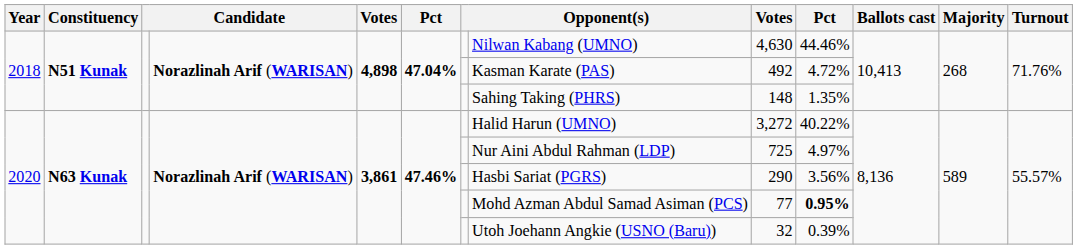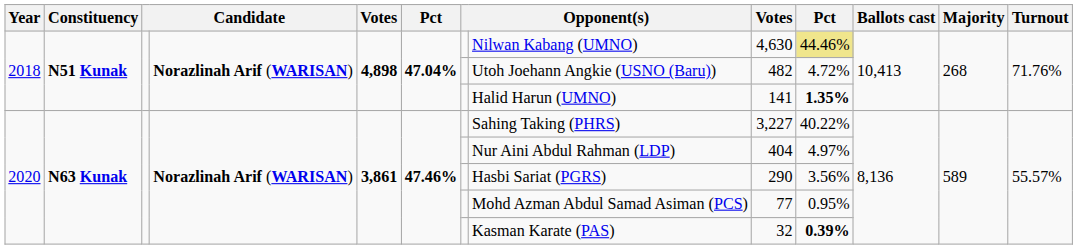 <table class="wikitable" style="margin:0.5em ; font-size:95%">
 <tr>
 <th>Year</th>
 <th>Constituency</th>
 <th colspan=2>Candidate</th>
 <th>Votes</th>
 <th>Pct</th>
 <th colspan=2>Opponent(s)</th>
 <th>Votes</th>
 <th>Pct</th>
 <th>Ballots cast</th>
 <th>Majority</th>
 <th>Turnout</th>
 </tr>
 <tr>
 <td rowspan=3><a href='#'>2018</a></td>
 <td rowspan=3><strong>N51 <a href='#'>Kunak</a></strong></td>
 <td rowspan=3 ></td>
 <td rowspan=3><strong>Norazlinah Arif</strong> (<a href='#'><strong>WARISAN</strong></a>)</td>
 <td rowspan=3 align=right><strong>4,898</strong></td>
 <td rowspan=3><strong>47.04%</strong></td>
 <td></td>
 <td><a href='#'>Nilwan Kabang</a> (<a href='#'>UMNO</a>)</td>
 <td align=right>4,630</td>
-<td>44.46%</td>
+<td style="background: khaki;">44.46%</td>
 <td rowspan=3>10,413</td>
 <td rowspan=3>268</td>
 <td rowspan=3>71.76%</td>
 </tr>
 <tr>
 <td></td>
-<td>Kasman Karate (<a href='#'>PAS</a>)</td>
-<td align=right>492</td>
+<td>Utoh Joehann Angkie (<a href='#'>USNO (Baru)</a>)</td>
+<td align=right>482</td>
 <td align=right>4.72%</td>
 </tr>
 <tr>
 <td bgcolor=></td>
-<td>Sahing Taking (<a href='#'>PHRS</a>)</td>
-<td align=right>148</td>
-<td align=right>1.35%</td>
+<td>Halid Harun (<a href='#'>UMNO</a>)</td>
+<td align=right>141</td>
+<td align=right><strong>1.35%</strong></td>
 </tr>
 <tr>
 <td rowspan=5><a href='#'>2020</a></td>
 <td rowspan=5><strong>N63 <a href='#'>Kunak</a></strong></td>
 <td rowspan=5 ></td>
 <td rowspan=5><strong>Norazlinah Arif</strong> (<a href='#'><strong>WARISAN</strong></a>)</td>
 <td rowspan=5 align=right><strong>3,861</strong></td>
 <td rowspan=5><strong>47.46%</strong></td>
 <td></td>
-<td>Halid Harun (<a href='#'>UMNO</a>)</td>
-<td align=right>3,272</td>
+<td>Sahing Taking (<a href='#'>PHRS</a>)</td>
+<td align=right>3,227</td>
 <td>40.22%</td>
 <td rowspan=5>8,136</td>
 <td rowspan=5>589</td>
 <td rowspan=5>55.57%</td>
 </tr>
 <tr>
 <td bgcolor=></td>
 <td>Nur Aini Abdul Rahman (<a href='#'>LDP</a>)</td>
-<td align=right>725</td>
+<td align=right>404</td>
 <td align=right>4.97%</td>
 </tr>
 <tr>
 <td bgcolor=></td>
 <td>Hasbi Sariat (<a href='#'>PGRS</a>)</td>
 <td align=right>290</td>
 <td align=right>3.56%</td>
 </tr>
 <tr>
 <td bgcolor=></td>
 <td>Mohd Azman Abdul Samad Asiman (<a href='#'>PCS</a>)</td>
 <td align=right>77</td>
-<td align=right><strong>0.95%</strong></td>
+<td align=right>0.95%</td>
 </tr>
 <tr>
 <td bgcolor=></td>
-<td>Utoh Joehann Angkie (<a href='#'>USNO (Baru)</a>)</td>
+<td>Kasman Karate (<a href='#'>PAS</a>)</td>
 <td align=right>32</td>
-<td align=right>0.39%</td>
+<td align=right><strong>0.39%</strong></td>
 </tr>
 </table>
